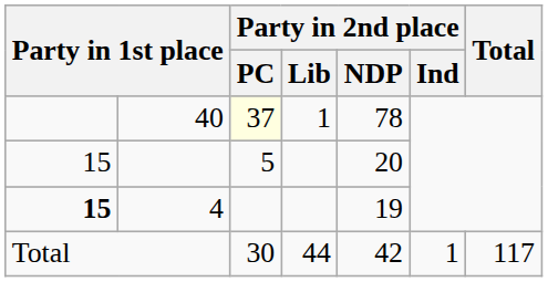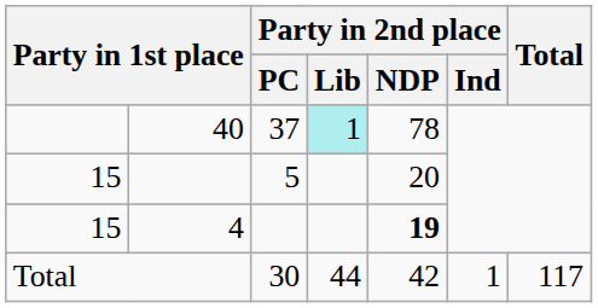 <table class="wikitable" style="text-align:right;">
 <tr>
 <th rowspan="2" colspan="2" style="text-align:left;">Party in 1st place</th>
 <th colspan="4">Party in 2nd place</th>
 <th rowspan="2">Total</th>
 </tr>
 <tr>
 <th>PC</th>
 <th>Lib</th>
 <th>NDP</th>
 <th>Ind</th>
 </tr>
 <tr>
 <td></td>
 <td>40</td>
-<td style="background: lightyellow;">37</td>
-<td>1</td>
+<td>37</td>
+<td style="background: paleturquoise;">1</td>
 <td>78</td>
 </tr>
 <tr>
 <td>15</td>
 <td></td>
 <td>5</td>
 <td></td>
 <td>20</td>
 </tr>
 <tr>
-<td><strong>15</strong></td>
+<td>15</td>
 <td>4</td>
 <td></td>
 <td></td>
-<td>19</td>
+<td><strong>19</strong></td>
 </tr>
 <tr>
 <td colspan="2" style="text-align:left;">Total</td>
 <td>30</td>
 <td>44</td>
 <td>42</td>
 <td>1</td>
 <td>117</td>
 </tr>
 </table>
